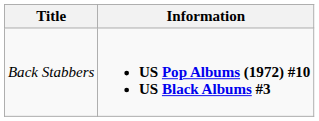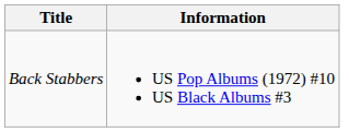 <table class="wikitable" border="1">
 <tr>
 <th>Title</th>
 <th>Information</th>
 </tr>
 <tr>
 <td><em>Back Stabbers</em></td>
-<td><strong><br><ul><li>US <a href='#'>Pop Albums</a> (1972) #10</li><li>US <a href='#'>Black Albums</a> #3</li></ul></strong></td>
+<td><br><ul><li>US <a href='#'>Pop Albums</a> (1972) #10</li><li>US <a href='#'>Black Albums</a> #3</li></ul></td>
 </tr>
 </table>
